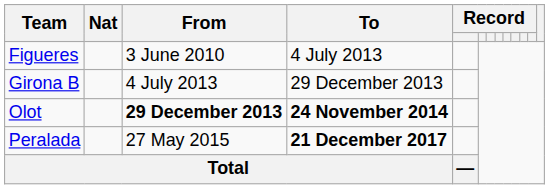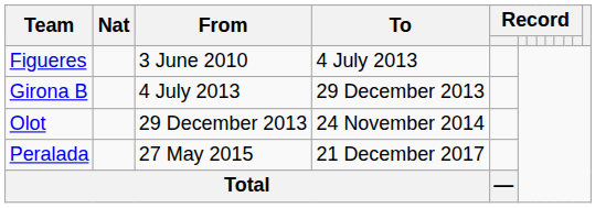 <table class="wikitable" style="text-align: center">
 <tr>
 <th rowspan="2">Team</th>
 <th rowspan="2">Nat</th>
 <th rowspan="2">From</th>
 <th rowspan="2">To</th>
 <th colspan="8">Record</th>
 <th rowspan=2></th>
 </tr>
 <tr>
 <th></th>
 <th></th>
 <th></th>
 <th></th>
 <th></th>
 <th></th>
 <th></th>
 <th></th>
 </tr>
 <tr>
 <td align=left><a href='#'>Figueres</a></td>
 <td></td>
 <td align=left>3 June 2010</td>
 <td align=left>4 July 2013<br></td>
 <td></td>
 </tr>
 <tr>
 <td align=left><a href='#'>Girona B</a></td>
 <td></td>
 <td align=left>4 July 2013</td>
 <td align=left>29 December 2013<br></td>
 <td></td>
 </tr>
 <tr>
 <td align=left><a href='#'>Olot</a></td>
 <td></td>
-<td align=left><strong>29 December 2013</strong></td>
-<td align=left><strong>24 November 2014<br></strong></td>
+<td align=left>29 December 2013</td>
+<td align=left>24 November 2014<br></td>
 <td></td>
 </tr>
 <tr>
 <td align=left><a href='#'>Peralada</a></td>
 <td></td>
 <td align=left>27 May 2015</td>
-<td align=left><strong>21 December 2017<br></strong></td>
+<td align=left>21 December 2017<br></td>
 <td></td>
 </tr>
 <tr>
 <th colspan="4">Total<br></th>
 <th>—</th>
 </tr>
 </table>
